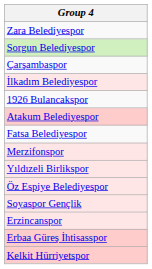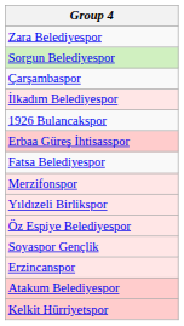 <table class="wikitable collapsible collapsed" style="font-size:95%;">
 <tr>
 <th colspan="1" width="200"><em>Group 4</em></th>
 </tr>
 <tr>
 <td><a href='#'>Zara Belediyespor</a></td>
 </tr>
 <tr>
 <td style="background:#D0F0C0;"><a href='#'>Sorgun Belediyespor</a></td>
 </tr>
 <tr>
 <td><a href='#'>Çarşambaspor</a></td>
 </tr>
 <tr>
 <td style="background:#FFE6E6;"><a href='#'>İlkadım Belediyespor</a></td>
 </tr>
 <tr>
 <td><a href='#'>1926 Bulancakspor</a></td>
 </tr>
 <tr>
-<td style="background:#fcc;"><a href='#'>Atakum Belediyespor</a></td>
+<td style="background:#fcc;"><a href='#'>Erbaa Güreş İhtisasspor</a></td>
 </tr>
 <tr>
 <td><a href='#'>Fatsa Belediyespor</a></td>
 </tr>
 <tr>
 <td style="background:#FFE6E6;"><a href='#'>Merzifonspor</a></td>
 </tr>
 <tr>
 <td style="background:#FFE6E6;"><a href='#'>Yıldızeli Birlikspor</a></td>
 </tr>
 <tr>
 <td style="background:#FFE6E6;"><a href='#'>Öz Espiye Belediyespor</a></td>
 </tr>
 <tr>
 <td style="background:#FFE6E6;"><a href='#'>Soyaspor Gençlik</a></td>
 </tr>
 <tr>
 <td style="background:#FFE6E6;"><a href='#'>Erzincanspor</a></td>
 </tr>
 <tr>
-<td style="background:#fcc;"><a href='#'>Erbaa Güreş İhtisasspor</a></td>
+<td style="background:#fcc;"><a href='#'>Atakum Belediyespor</a></td>
 </tr>
 <tr>
 <td style="background:#fcc;"><a href='#'>Kelkit Hürriyetspor</a></td>
 </tr>
 </table>
